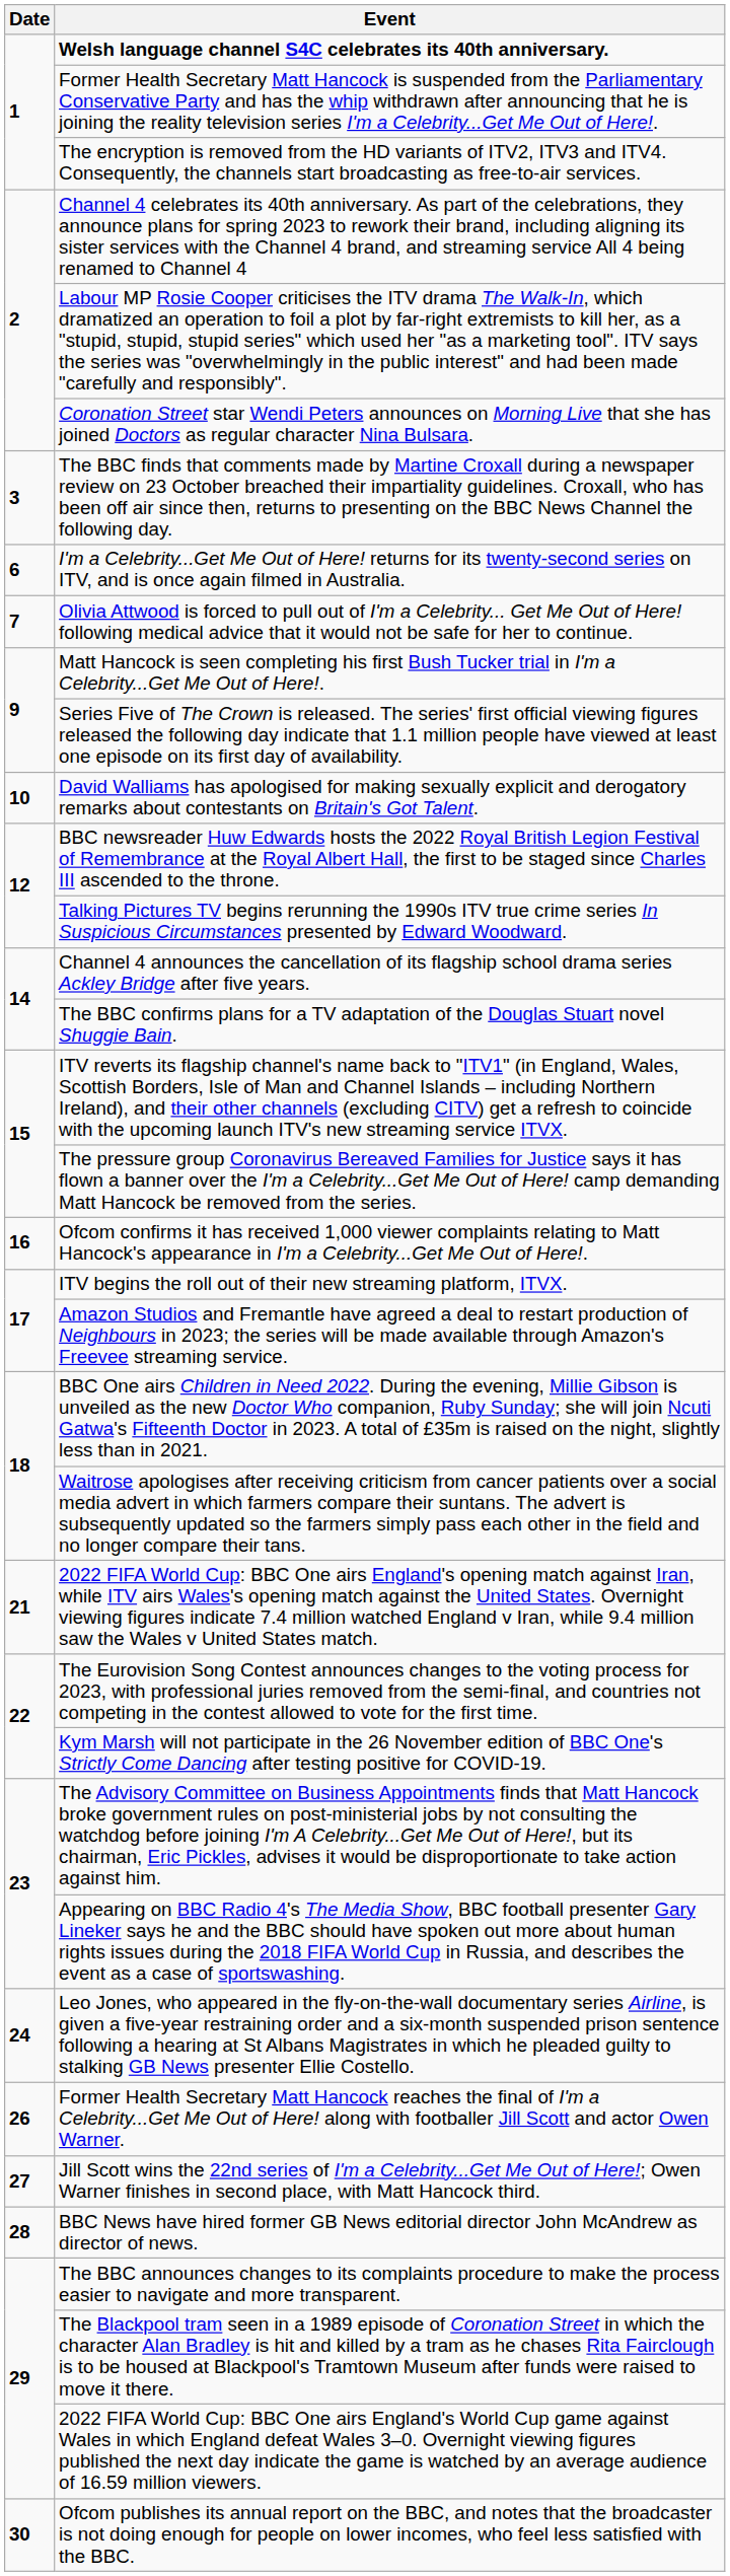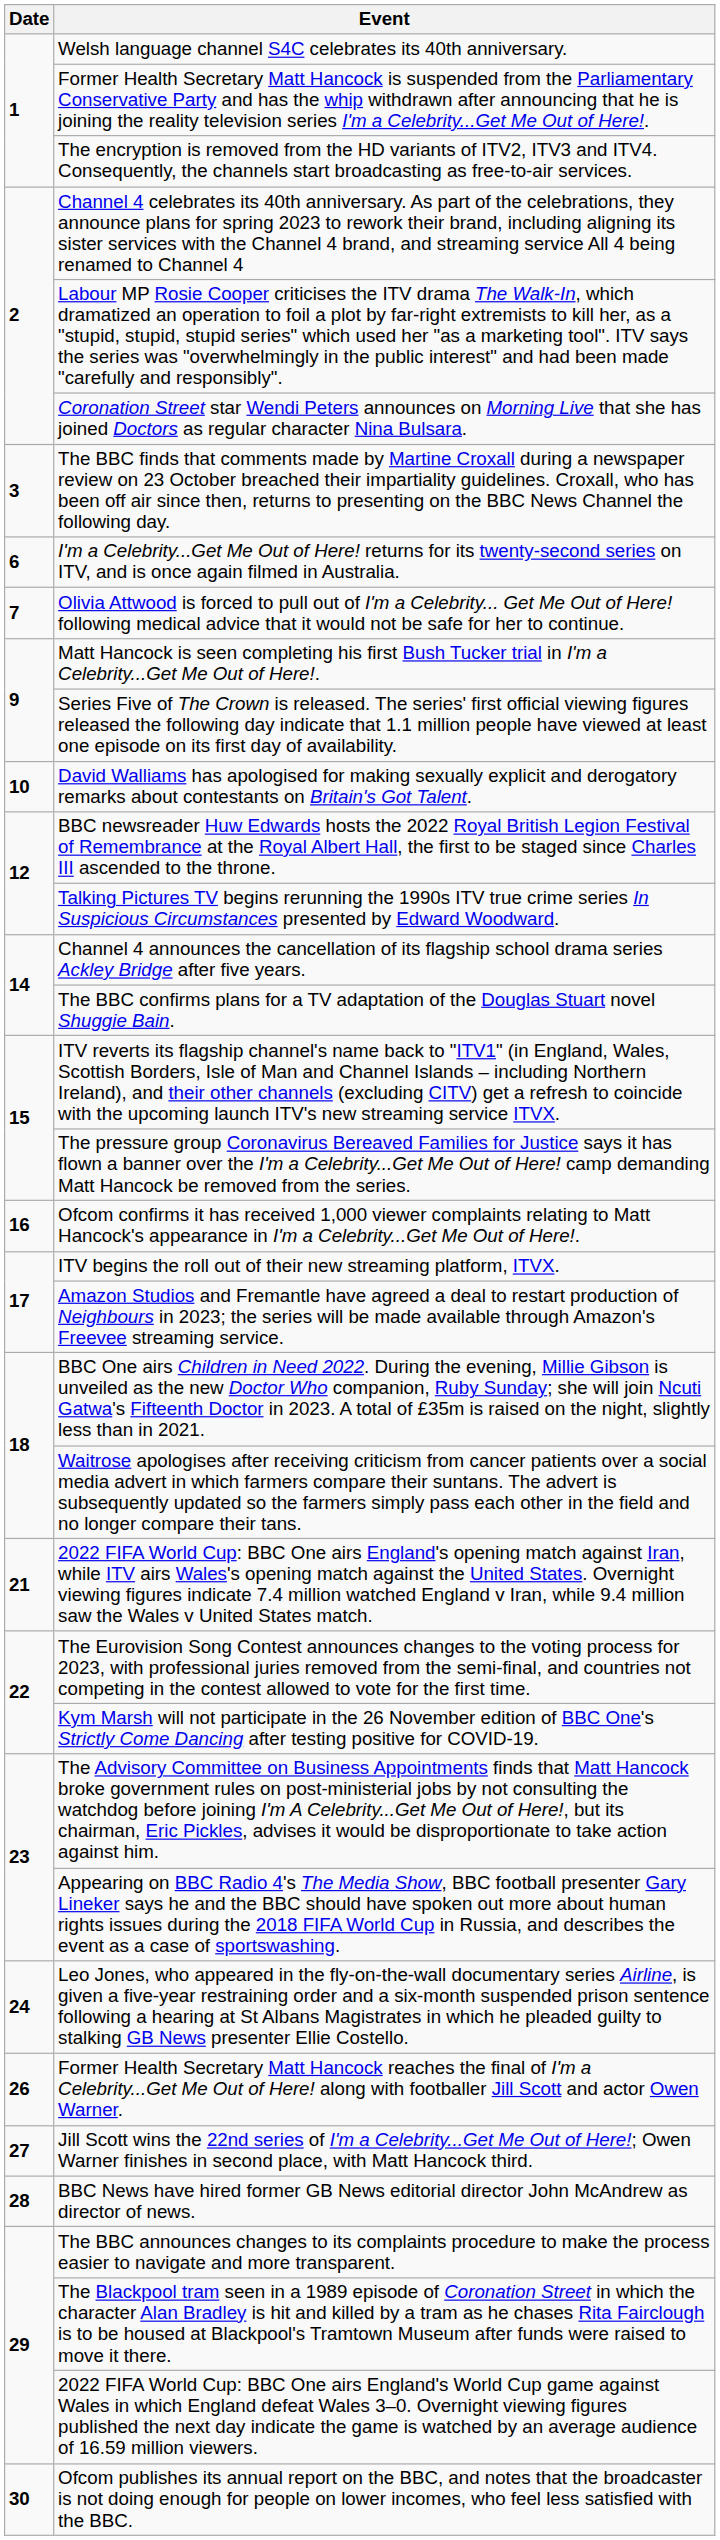 <table class="wikitable">
 <tr>
 <th>Date</th>
 <th>Event</th>
 </tr>
 <tr>
 <td rowspan=3><strong>1</strong></td>
-<td><strong>Welsh language channel <a href='#'>S4C</a> celebrates its 40th anniversary.</strong></td>
+<td>Welsh language channel <a href='#'>S4C</a> celebrates its 40th anniversary.</td>
 </tr>
 <tr>
 <td>Former Health Secretary <a href='#'>Matt Hancock</a> is suspended from the <a href='#'>Parliamentary Conservative Party</a> and has the <a href='#'>whip</a> withdrawn after announcing that he is joining the reality television series <em><a href='#'>I'm a Celebrity...Get Me Out of Here!</a></em>.</td>
 </tr>
 <tr>
 <td>The encryption is removed from the HD variants of ITV2, ITV3 and ITV4. Consequently, the channels start broadcasting as free-to-air services.</td>
 </tr>
 <tr>
 <td rowspan=3><strong>2</strong></td>
 <td><a href='#'>Channel 4</a> celebrates its 40th anniversary. As part of the celebrations, they announce plans for spring 2023 to rework their brand, including aligning its sister services with the Channel 4 brand, and streaming service All 4 being renamed to Channel 4</td>
 </tr>
 <tr>
 <td><a href='#'>Labour</a> MP <a href='#'>Rosie Cooper</a> criticises the ITV drama <em><a href='#'>The Walk-In</a></em>, which dramatized an operation to foil a plot by far-right extremists to kill her, as a "stupid, stupid, stupid series" which used her "as a marketing tool". ITV says the series was "overwhelmingly in the public interest" and had been made "carefully and responsibly".</td>
 </tr>
 <tr>
 <td><em><a href='#'>Coronation Street</a></em> star <a href='#'>Wendi Peters</a> announces on <em><a href='#'>Morning Live</a></em> that she has joined <em><a href='#'>Doctors</a></em> as regular character <a href='#'>Nina Bulsara</a>.</td>
 </tr>
 <tr>
 <td><strong>3</strong></td>
 <td>The BBC finds that comments made by <a href='#'>Martine Croxall</a> during a newspaper review on 23 October breached their impartiality guidelines. Croxall, who has been off air since then, returns to presenting on the BBC News Channel the following day.</td>
 </tr>
 <tr>
 <td><strong>6</strong></td>
 <td><em>I'm a Celebrity...Get Me Out of Here!</em> returns for its <a href='#'>twenty-second series</a> on ITV, and is once again filmed in Australia.</td>
 </tr>
 <tr>
 <td><strong>7</strong></td>
 <td><a href='#'>Olivia Attwood</a> is forced to pull out of <em>I'm a Celebrity... Get Me Out of Here!</em> following medical advice that it would not be safe for her to continue.</td>
 </tr>
 <tr>
 <td rowspan=2><strong>9</strong></td>
 <td>Matt Hancock is seen completing his first <a href='#'>Bush Tucker trial</a> in <em>I'm a Celebrity...Get Me Out of Here!</em>.</td>
 </tr>
 <tr>
 <td>Series Five of <em>The Crown</em> is released. The series' first official viewing figures released the following day indicate that 1.1 million people have viewed at least one episode on its first day of availability.</td>
 </tr>
 <tr>
 <td><strong>10</strong></td>
 <td><a href='#'>David Walliams</a> has apologised for making sexually explicit and derogatory remarks about contestants on <em><a href='#'>Britain's Got Talent</a></em>.</td>
 </tr>
 <tr>
 <td rowspan=2><strong>12</strong></td>
 <td>BBC newsreader <a href='#'>Huw Edwards</a> hosts the 2022 <a href='#'>Royal British Legion Festival of Remembrance</a> at the <a href='#'>Royal Albert Hall</a>, the first to be staged since <a href='#'>Charles III</a> ascended to the throne.</td>
 </tr>
 <tr>
 <td><a href='#'>Talking Pictures TV</a> begins rerunning the 1990s ITV true crime series <em><a href='#'>In Suspicious Circumstances</a></em> presented by <a href='#'>Edward Woodward</a>.</td>
 </tr>
 <tr>
 <td rowspan="2"><strong>14</strong></td>
 <td>Channel 4 announces the cancellation of its flagship school drama series <em><a href='#'>Ackley Bridge</a></em> after five years.</td>
 </tr>
 <tr>
 <td>The BBC confirms plans for a TV adaptation of the <a href='#'>Douglas Stuart</a> novel <em><a href='#'>Shuggie Bain</a></em>.</td>
 </tr>
 <tr>
 <td rowspan=2><strong>15</strong></td>
 <td>ITV reverts its flagship channel's name back to "<a href='#'>ITV1</a>" (in England, Wales, Scottish Borders, Isle of Man and Channel Islands – including Northern Ireland), and <a href='#'>their other channels</a> (excluding <a href='#'>CITV</a>) get a refresh to coincide with the upcoming launch ITV's new streaming service <a href='#'>ITVX</a>.</td>
 </tr>
 <tr>
 <td>The pressure group <a href='#'>Coronavirus Bereaved Families for Justice</a> says it has flown a banner over the <em>I'm a Celebrity...Get Me Out of Here!</em> camp demanding Matt Hancock be removed from the series.</td>
 </tr>
 <tr>
 <td><strong>16</strong></td>
 <td>Ofcom confirms it has received 1,000 viewer complaints relating to Matt Hancock's appearance in <em>I'm a Celebrity...Get Me Out of Here!</em>.</td>
 </tr>
 <tr>
 <td rowspan=2><strong>17</strong></td>
 <td>ITV begins the roll out of their new streaming platform, <a href='#'>ITVX</a>.</td>
 </tr>
 <tr>
 <td><a href='#'>Amazon Studios</a> and Fremantle have agreed a deal to restart production of <em><a href='#'>Neighbours</a></em> in 2023; the series will be made available through Amazon's <a href='#'>Freevee</a> streaming service.</td>
 </tr>
 <tr>
 <td rowspan=2><strong>18</strong></td>
 <td>BBC One airs <em><a href='#'>Children in Need 2022</a></em>. During the evening, <a href='#'>Millie Gibson</a> is unveiled as the new <em><a href='#'>Doctor Who</a></em> companion, <a href='#'>Ruby Sunday</a>; she will join <a href='#'>Ncuti Gatwa</a>'s <a href='#'>Fifteenth Doctor</a> in 2023. A total of £35m is raised on the night, slightly less than in 2021.</td>
 </tr>
 <tr>
 <td><a href='#'>Waitrose</a> apologises after receiving criticism from cancer patients over a social media advert in which farmers compare their suntans. The advert is subsequently updated so the farmers simply pass each other in the field and no longer compare their tans.</td>
 </tr>
 <tr>
 <td><strong>21</strong></td>
 <td><a href='#'>2022 FIFA World Cup</a>: BBC One airs <a href='#'>England</a>'s opening match against <a href='#'>Iran</a>, while <a href='#'>ITV</a> airs <a href='#'>Wales</a>'s opening match against the <a href='#'>United States</a>. Overnight viewing figures indicate 7.4 million watched England v Iran, while 9.4 million saw the Wales v United States match.</td>
 </tr>
 <tr>
 <td rowspan=2><strong>22</strong></td>
 <td>The Eurovision Song Contest announces changes to the voting process for 2023, with professional juries removed from the semi-final, and countries not competing in the contest allowed to vote for the first time.</td>
 </tr>
 <tr>
 <td><a href='#'>Kym Marsh</a> will not participate in the 26 November edition of <a href='#'>BBC One</a>'s <em><a href='#'>Strictly Come Dancing</a></em> after testing positive for COVID-19.</td>
 </tr>
 <tr>
 <td rowspan=2><strong>23</strong></td>
 <td>The <a href='#'>Advisory Committee on Business Appointments</a> finds that <a href='#'>Matt Hancock</a> broke government rules on post-ministerial jobs by not consulting the watchdog before joining <em>I'm A Celebrity...Get Me Out of Here!</em>, but its chairman, <a href='#'>Eric Pickles</a>, advises it would be disproportionate to take action against him.</td>
 </tr>
 <tr>
 <td>Appearing on <a href='#'>BBC Radio 4</a>'s <em><a href='#'>The Media Show</a></em>, BBC football presenter <a href='#'>Gary Lineker</a> says he and the BBC should have spoken out more about human rights issues during the <a href='#'>2018 FIFA World Cup</a> in Russia, and describes the event as a case of <a href='#'>sportswashing</a>.</td>
 </tr>
 <tr>
 <td><strong>24</strong></td>
 <td>Leo Jones, who appeared in the fly-on-the-wall documentary series <em><a href='#'>Airline</a></em>, is given a five-year restraining order and a six-month suspended prison sentence following a hearing at St Albans Magistrates in which he pleaded guilty to stalking <a href='#'>GB News</a> presenter Ellie Costello.</td>
 </tr>
 <tr>
 <td><strong>26</strong></td>
 <td>Former Health Secretary <a href='#'>Matt Hancock</a> reaches the final of <em>I'm a Celebrity...Get Me Out of Here!</em> along with footballer <a href='#'>Jill Scott</a> and actor <a href='#'>Owen Warner</a>.</td>
 </tr>
 <tr>
 <td><strong>27</strong></td>
 <td>Jill Scott wins the <a href='#'>22nd series</a> of <em><a href='#'>I'm a Celebrity...Get Me Out of Here!</a></em>; Owen Warner finishes in second place, with Matt Hancock third.</td>
 </tr>
 <tr>
 <td><strong>28</strong></td>
 <td>BBC News have hired former GB News editorial director John McAndrew as director of news.</td>
 </tr>
 <tr>
 <td rowspan=3><strong>29</strong></td>
 <td>The BBC announces changes to its complaints procedure to make the process easier to navigate and more transparent.</td>
 </tr>
 <tr>
 <td>The <a href='#'>Blackpool tram</a> seen in a 1989 episode of <em><a href='#'>Coronation Street</a></em> in which the character <a href='#'>Alan Bradley</a> is hit and killed by a tram as he chases <a href='#'>Rita Fairclough</a> is to be housed at Blackpool's Tramtown Museum after funds were raised to move it there.</td>
 </tr>
 <tr>
 <td>2022 FIFA World Cup: BBC One airs England's World Cup game against Wales in which England defeat Wales 3–0. Overnight viewing figures published the next day indicate the game is watched by an average audience of 16.59 million viewers.</td>
 </tr>
 <tr>
 <td><strong>30</strong></td>
 <td>Ofcom publishes its annual report on the BBC, and notes that the broadcaster is not doing enough for people on lower incomes, who feel less satisfied with the BBC.</td>
 </tr>
 </table>
